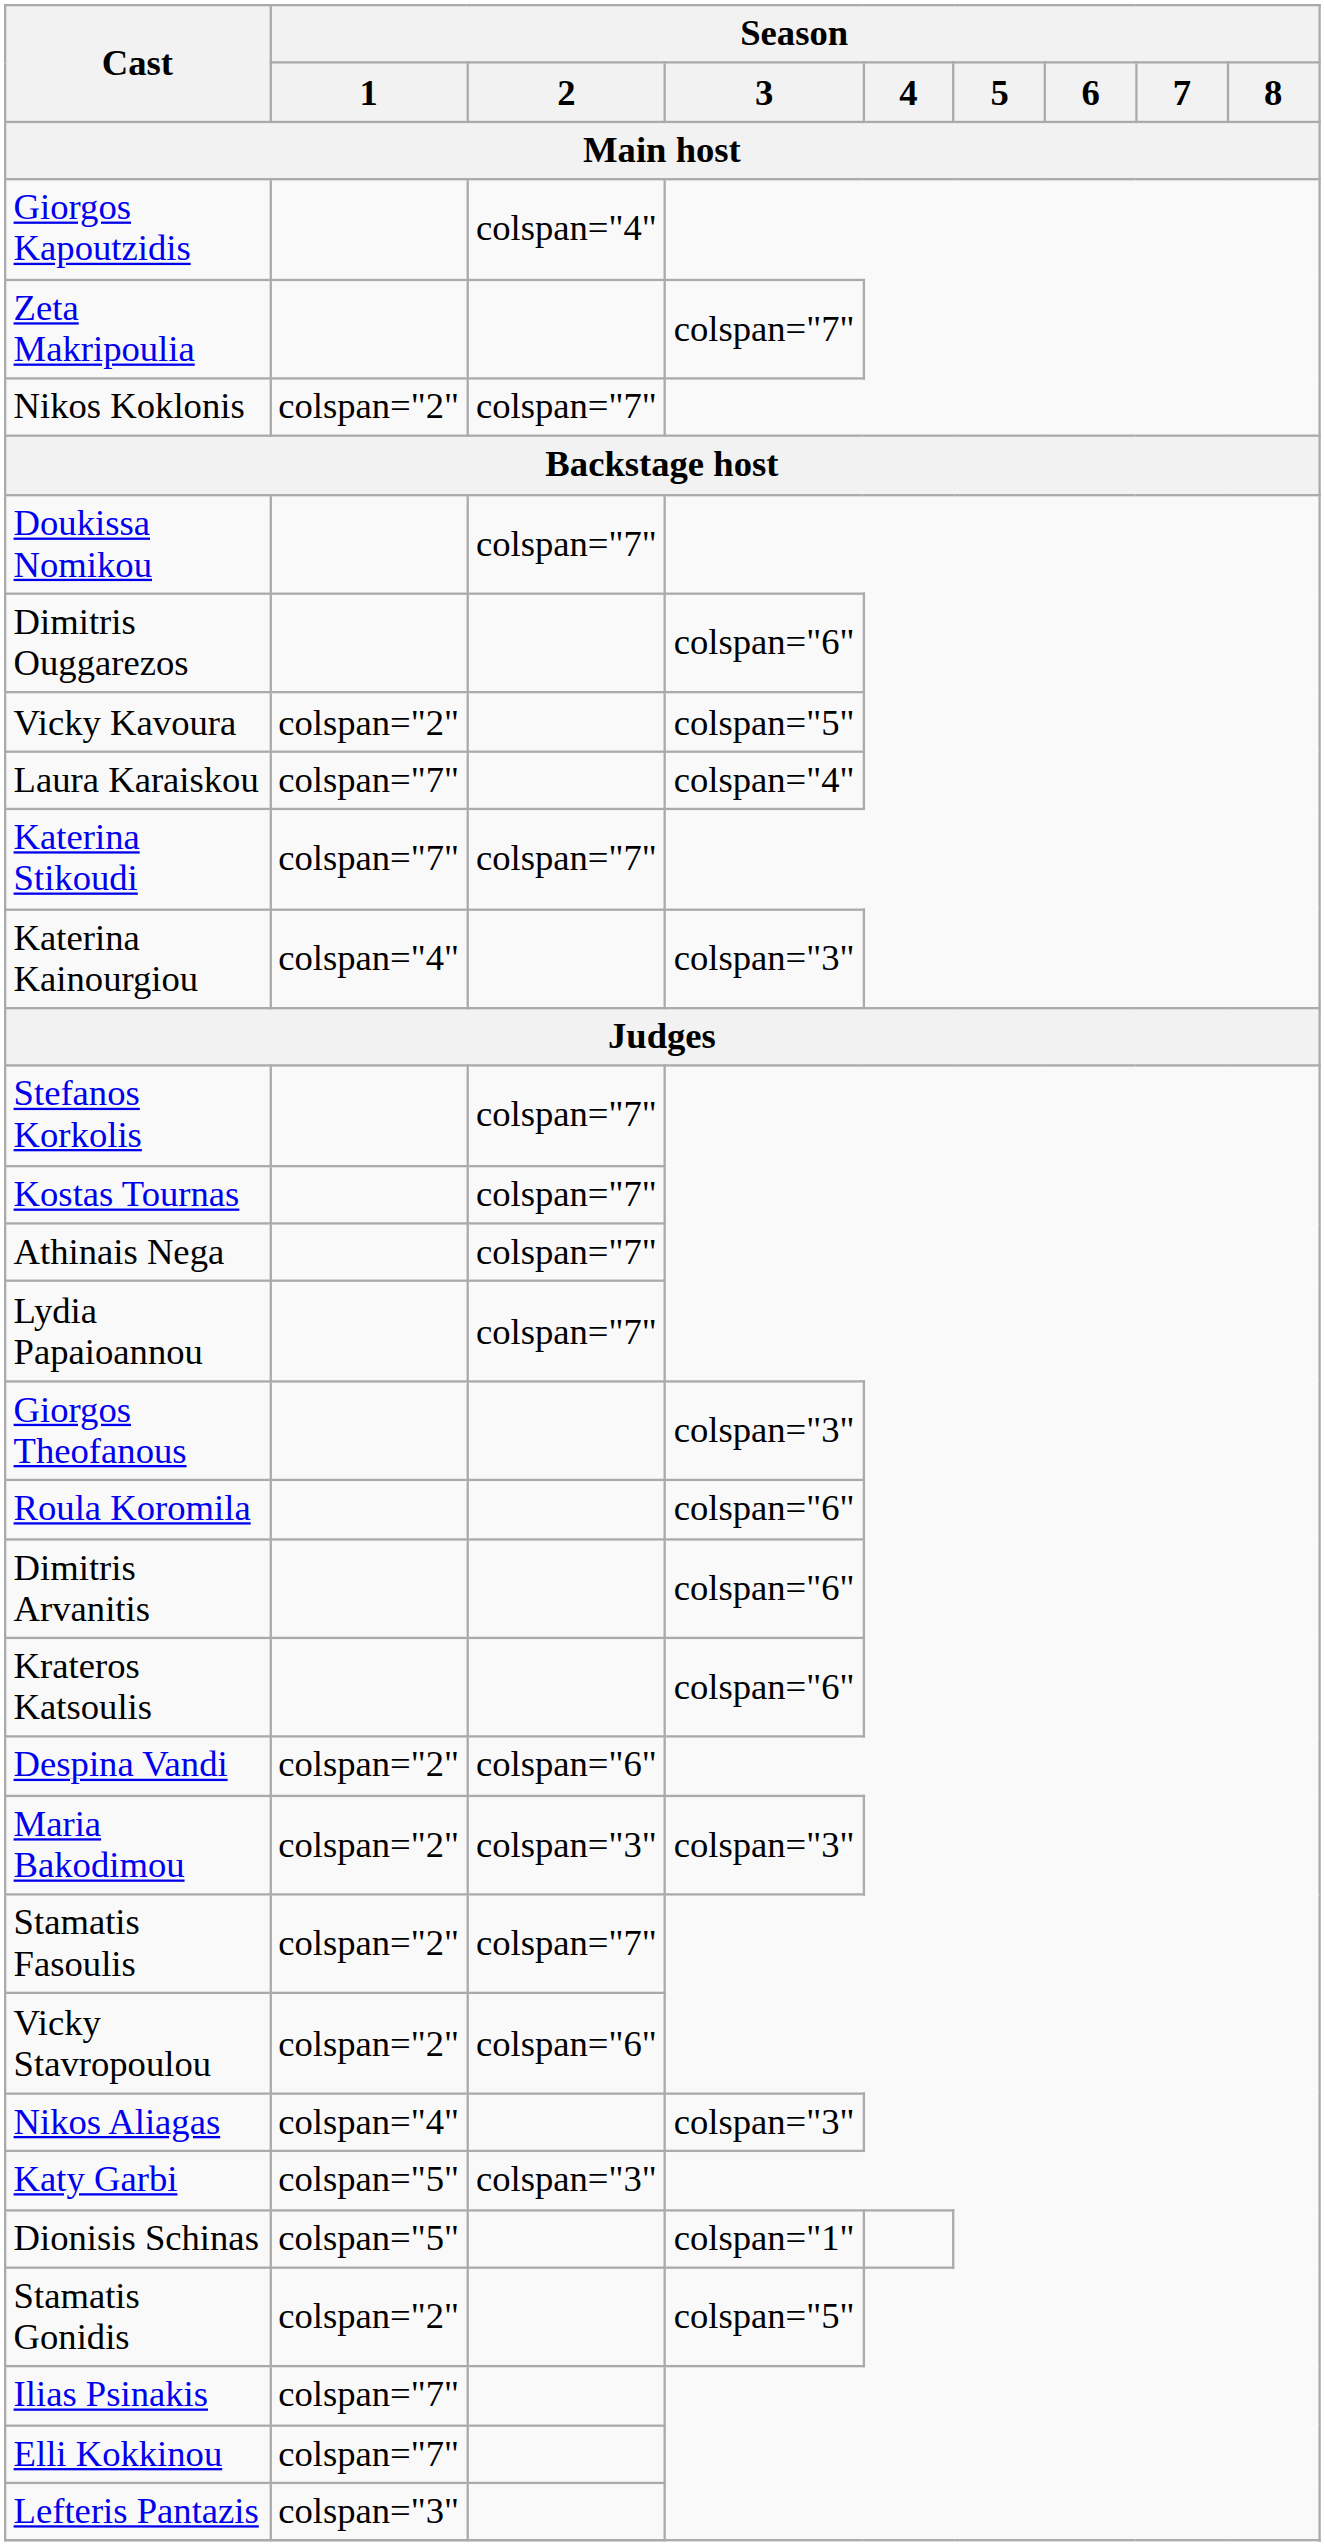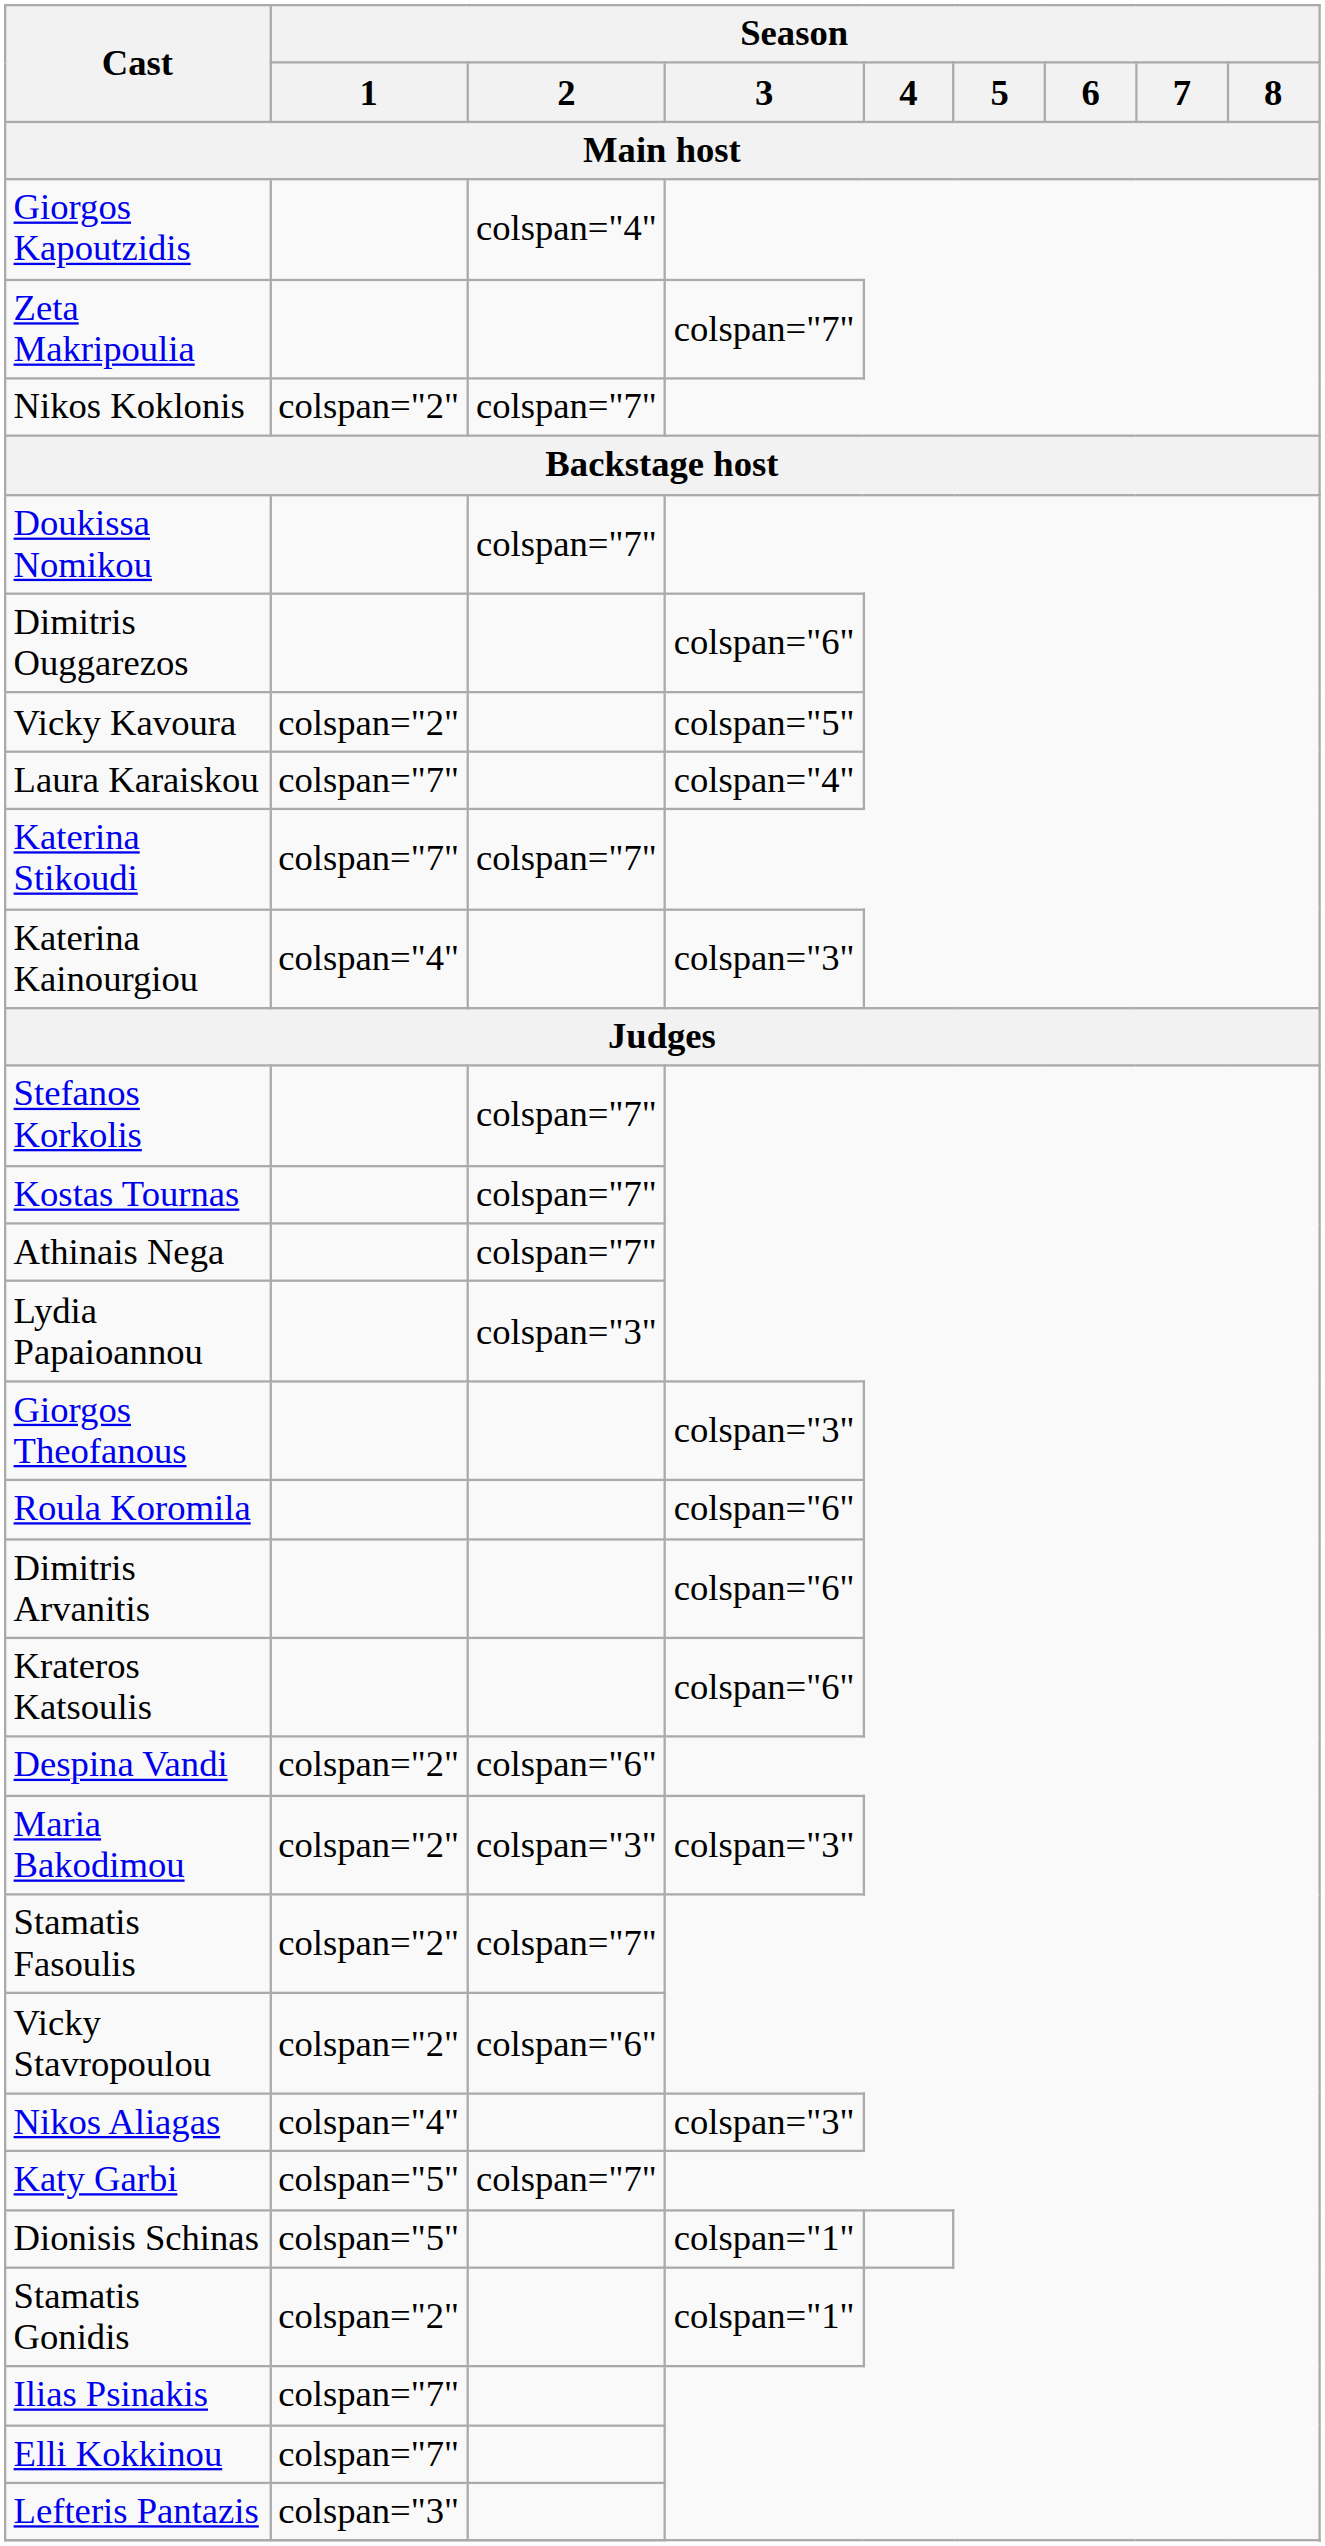 <table class="wikitable" width="65% font-size:100%">
 <tr>
 <th rowspan="2" width="115">Cast</th>
 <th colspan="8" text-align:center;>Season</th>
 </tr>
 <tr>
 <th width="40">1</th>
 <th width="40">2</th>
 <th width="40">3</th>
 <th width="40">4</th>
 <th width="40">5</th>
 <th width="40">6</th>
 <th width="40">7</th>
 <th width="40">8</th>
 </tr>
 <tr>
 <th colspan="9">Main host</th>
 </tr>
 <tr>
 <td><a href='#'>Giorgos Kapoutzidis</a></td>
 <td></td>
 <td>colspan="4" </td>
 </tr>
 <tr>
 <td><a href='#'>Zeta Makripoulia</a></td>
 <td></td>
 <td></td>
 <td>colspan="7" </td>
 </tr>
 <tr>
 <td>Nikos Koklonis</td>
 <td>colspan="2" </td>
 <td>colspan="7" </td>
 </tr>
 <tr>
 <th colspan="9">Backstage host</th>
 </tr>
 <tr>
 <td><a href='#'>Doukissa Nomikou</a></td>
 <td></td>
 <td>colspan="7" </td>
 </tr>
 <tr>
 <td>Dimitris Ouggarezos</td>
 <td></td>
 <td></td>
 <td>colspan="6" </td>
 </tr>
 <tr>
 <td>Vicky Kavoura</td>
 <td>colspan="2" </td>
 <td></td>
 <td>colspan="5" </td>
 </tr>
 <tr>
 <td>Laura Karaiskou</td>
 <td>colspan="7" </td>
 <td></td>
 <td>colspan="4" </td>
 </tr>
 <tr>
 <td><a href='#'>Katerina Stikoudi</a></td>
 <td>colspan="7" </td>
 <td>colspan="7" </td>
 </tr>
 <tr>
 <td>Katerina Kainourgiou</td>
 <td>colspan="4" </td>
 <td></td>
 <td>colspan="3" </td>
 </tr>
 <tr>
 <th colspan="9">Judges</th>
 </tr>
 <tr>
 <td><a href='#'>Stefanos Korkolis</a></td>
 <td></td>
 <td>colspan="7" </td>
 </tr>
 <tr>
 <td><a href='#'>Kostas Tournas</a></td>
 <td></td>
 <td>colspan="7" </td>
 </tr>
 <tr>
 <td>Athinais Nega</td>
 <td></td>
 <td>colspan="7" </td>
 </tr>
 <tr>
 <td>Lydia Papaioannou</td>
 <td></td>
-<td>colspan="7" </td>
+<td>colspan="3" </td>
 </tr>
 <tr>
 <td><a href='#'>Giorgos Theofanous</a></td>
 <td></td>
 <td></td>
 <td>colspan="3" </td>
 </tr>
 <tr>
 <td><a href='#'>Roula Koromila</a></td>
 <td></td>
 <td></td>
 <td>colspan="6" </td>
 </tr>
 <tr>
 <td>Dimitris Arvanitis</td>
 <td></td>
 <td></td>
 <td>colspan="6" </td>
 </tr>
 <tr>
 <td>Krateros Katsoulis</td>
 <td></td>
 <td></td>
 <td>colspan="6" </td>
 </tr>
 <tr>
 <td><a href='#'>Despina Vandi</a></td>
 <td>colspan="2" </td>
 <td>colspan="6" </td>
 </tr>
 <tr>
 <td><a href='#'>Maria Bakodimou</a></td>
 <td>colspan="2" </td>
 <td>colspan="3" </td>
 <td>colspan="3" </td>
 </tr>
 <tr>
 <td>Stamatis Fasoulis</td>
 <td>colspan="2" </td>
 <td>colspan="7" </td>
 </tr>
 <tr>
 <td>Vicky Stavropoulou</td>
 <td>colspan="2" </td>
 <td>colspan="6" </td>
 </tr>
 <tr>
 <td><a href='#'>Nikos Aliagas</a></td>
 <td>colspan="4" </td>
 <td></td>
 <td>colspan="3" </td>
 </tr>
 <tr>
 <td><a href='#'>Katy Garbi</a></td>
 <td>colspan="5" </td>
-<td>colspan="3" </td>
+<td>colspan="7" </td>
 </tr>
 <tr>
 <td>Dionisis Schinas</td>
 <td>colspan="5" </td>
 <td></td>
 <td>colspan="1" </td>
 <td></td>
 </tr>
 <tr>
 <td>Stamatis Gonidis</td>
 <td>colspan="2" </td>
 <td></td>
-<td>colspan="5" </td>
+<td>colspan="1" </td>
 </tr>
 <tr>
 <td><a href='#'>Ilias Psinakis</a></td>
 <td>colspan="7" </td>
 <td></td>
 </tr>
 <tr>
 <td><a href='#'>Elli Kokkinou</a></td>
 <td>colspan="7" </td>
 <td></td>
 </tr>
 <tr>
 <td><a href='#'>Lefteris Pantazis</a></td>
 <td>colspan="3" </td>
 <td></td>
 </tr>
 <tr>
 </tr>
 </table>
